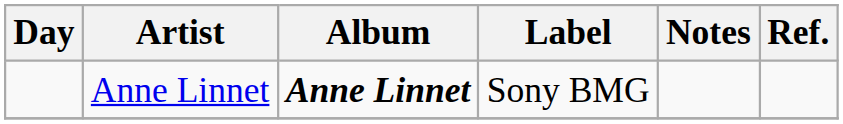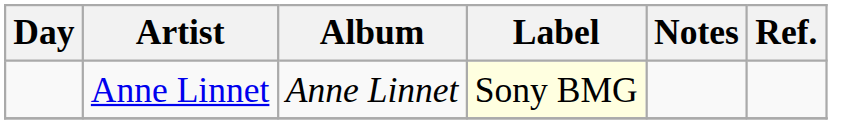 <table class="wikitable">
 <tr>
 <th>Day</th>
 <th>Artist</th>
 <th>Album</th>
 <th>Label</th>
 <th>Notes</th>
 <th>Ref.</th>
 </tr>
 <tr>
 <td rowspan="1" style="text-align:center;"></td>
 <td><a href='#'>Anne Linnet</a></td>
-<td><strong><em>Anne Linnet</em></strong></td>
-<td>Sony BMG</td>
+<td><em>Anne Linnet</em></td>
+<td style="background: lightyellow;">Sony BMG</td>
 <td></td>
 <td></td>
 </tr>
 <tr>
 </tr>
 </table>
